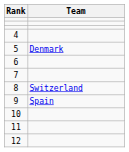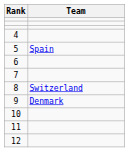 <table class="wikitable">
 <tr>
 <th>Rank</th>
 <th width=150>Team</th>
 </tr>
 <tr>
 <td align=center></td>
 <td></td>
 </tr>
 <tr>
 <td align=center></td>
 <td></td>
 </tr>
 <tr>
 <td align=center></td>
 <td></td>
 </tr>
 <tr>
 <td align=center>4</td>
 <td></td>
 </tr>
 <tr>
 <td align=center>5</td>
-<td> <a href='#'>Denmark</a></td>
+<td><span></span> <a href='#'>Spain</a></td>
 </tr>
 <tr>
 <td align=center>6</td>
 <td></td>
 </tr>
 <tr>
 <td align=center>7</td>
 <td></td>
 </tr>
 <tr>
 <td align=center>8</td>
 <td> <a href='#'>Switzerland</a></td>
 </tr>
 <tr>
 <td align=center>9</td>
-<td><span></span> <a href='#'>Spain</a></td>
+<td> <a href='#'>Denmark</a></td>
 </tr>
 <tr>
 <td align=center>10</td>
 <td></td>
 </tr>
 <tr>
 <td align=center>11</td>
 <td></td>
 </tr>
 <tr>
 <td align=center>12</td>
 <td></td>
 </tr>
 </table>
